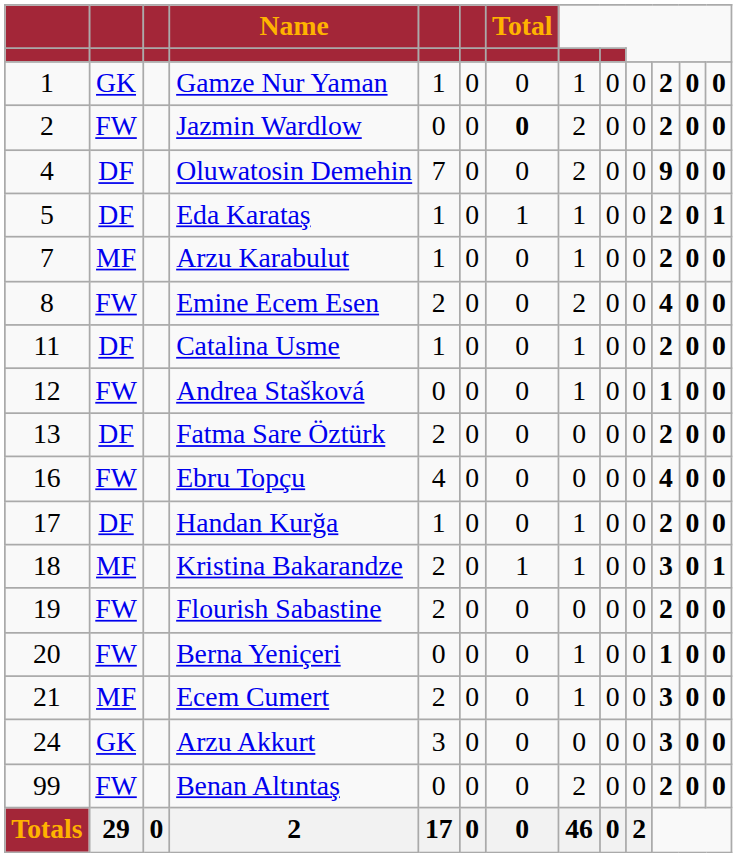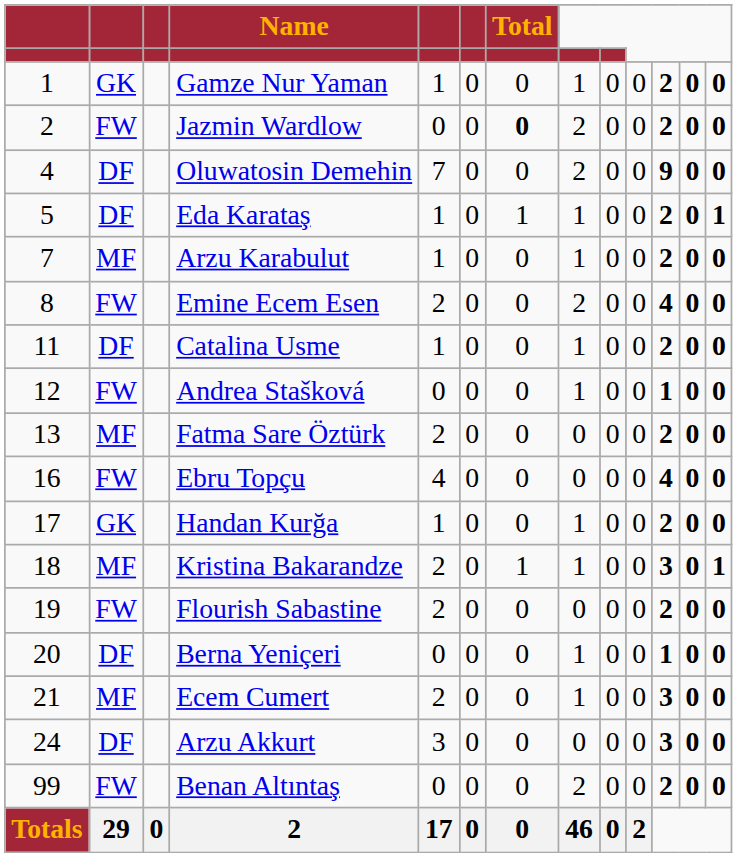 <table class="wikitable" style="text-align:center;">
 <tr>
 <th style="background:#A32638; color:#FFB300; "></th>
 <th style="background:#A32638; color:#FFB300; "></th>
 <th style="background:#A32638; color:#FFB300; "></th>
 <th style="background:#A32638; color:#FFB300; ">Name</th>
 <th style="background:#A32638; color:#FFB300; "></th>
 <th style="background:#A32638; color:#FFB300; "></th>
 <th style="background:#A32638; color:#FFB300; ">Total</th>
 </tr>
 <tr>
 <th style="background:#A32638; color:#FFB300; "></th>
 <th style="background:#A32638; color:#FFB300; "></th>
 <th style="background:#A32638; color:#FFB300; "></th>
 <th style="background:#A32638; color:#FFB300; "></th>
 <th style="background:#A32638; color:#FFB300; "></th>
 <th style="background:#A32638; color:#FFB300; "></th>
 <th style="background:#A32638; color:#FFB300; "></th>
 <th style="background:#A32638; color:#FFB300; "></th>
 <th style="background:#A32638; color:#FFB300; "></th>
 </tr>
 <tr>
 <td>1</td>
 <td><a href='#'>GK</a></td>
 <td></td>
 <td align=left><a href='#'>Gamze Nur Yaman</a></td>
 <td>1</td>
 <td>0</td>
 <td>0</td>
 <td>1</td>
 <td>0</td>
 <td>0</td>
 <td><strong>2</strong></td>
 <td><strong>0</strong></td>
 <td><strong>0</strong></td>
 </tr>
 <tr>
 <td>2</td>
 <td><a href='#'>FW</a></td>
 <td></td>
 <td align=left><a href='#'>Jazmin Wardlow</a></td>
 <td>0</td>
 <td>0</td>
 <td><strong>0</strong></td>
 <td>2</td>
 <td>0</td>
 <td>0</td>
 <td><strong>2</strong></td>
 <td><strong>0</strong></td>
 <td><strong>0</strong></td>
 </tr>
 <tr>
 <td>4</td>
 <td><a href='#'>DF</a></td>
 <td></td>
 <td align=left><a href='#'>Oluwatosin Demehin</a></td>
 <td>7</td>
 <td>0</td>
 <td>0</td>
 <td>2</td>
 <td>0</td>
 <td>0</td>
 <td><strong>9</strong></td>
 <td><strong>0</strong></td>
 <td><strong>0</strong></td>
 </tr>
 <tr>
 <td>5</td>
 <td><a href='#'>DF</a></td>
 <td></td>
 <td align=left><a href='#'>Eda Karataş</a></td>
 <td>1</td>
 <td>0</td>
 <td>1</td>
 <td>1</td>
 <td>0</td>
 <td>0</td>
 <td><strong>2</strong></td>
 <td><strong>0</strong></td>
 <td><strong>1</strong></td>
 </tr>
 <tr>
 <td>7</td>
 <td><a href='#'>MF</a></td>
 <td></td>
 <td align=left><a href='#'>Arzu Karabulut</a></td>
 <td>1</td>
 <td>0</td>
 <td>0</td>
 <td>1</td>
 <td>0</td>
 <td>0</td>
 <td><strong>2</strong></td>
 <td><strong>0</strong></td>
 <td><strong>0</strong></td>
 </tr>
 <tr>
 <td>8</td>
 <td><a href='#'>FW</a></td>
 <td></td>
 <td align=left><a href='#'>Emine Ecem Esen</a></td>
 <td>2</td>
 <td>0</td>
 <td>0</td>
 <td>2</td>
 <td>0</td>
 <td>0</td>
 <td><strong>4</strong></td>
 <td><strong>0</strong></td>
 <td><strong>0</strong></td>
 </tr>
 <tr>
 <td>11</td>
 <td><a href='#'>DF</a></td>
 <td></td>
 <td align=left><a href='#'>Catalina Usme</a></td>
 <td>1</td>
 <td>0</td>
 <td>0</td>
 <td>1</td>
 <td>0</td>
 <td>0</td>
 <td><strong>2</strong></td>
 <td><strong>0</strong></td>
 <td><strong>0</strong></td>
 </tr>
 <tr>
 <td>12</td>
 <td><a href='#'>FW</a></td>
 <td></td>
 <td align=left><a href='#'>Andrea Stašková</a></td>
 <td>0</td>
 <td>0</td>
 <td>0</td>
 <td>1</td>
 <td>0</td>
 <td>0</td>
 <td><strong>1</strong></td>
 <td><strong>0</strong></td>
 <td><strong>0</strong></td>
 </tr>
 <tr>
 <td>13</td>
-<td><a href='#'>DF</a></td>
+<td><a href='#'>MF</a></td>
 <td></td>
 <td align=left><a href='#'>Fatma Sare Öztürk</a></td>
 <td>2</td>
 <td>0</td>
 <td>0</td>
 <td>0</td>
 <td>0</td>
 <td>0</td>
 <td><strong>2</strong></td>
 <td><strong>0</strong></td>
 <td><strong>0</strong></td>
 </tr>
 <tr>
 <td>16</td>
 <td><a href='#'>FW</a></td>
 <td></td>
 <td align=left><a href='#'>Ebru Topçu</a></td>
 <td>4</td>
 <td>0</td>
 <td>0</td>
 <td>0</td>
 <td>0</td>
 <td>0</td>
 <td><strong>4</strong></td>
 <td><strong>0</strong></td>
 <td><strong>0</strong></td>
 </tr>
 <tr>
 <td>17</td>
-<td><a href='#'>DF</a></td>
+<td><a href='#'>GK</a></td>
 <td></td>
 <td align=left><a href='#'>Handan Kurğa</a></td>
 <td>1</td>
 <td>0</td>
 <td>0</td>
 <td>1</td>
 <td>0</td>
 <td>0</td>
 <td><strong>2</strong></td>
 <td><strong>0</strong></td>
 <td><strong>0</strong></td>
 </tr>
 <tr>
 <td>18</td>
 <td><a href='#'>MF</a></td>
 <td></td>
 <td align=left><a href='#'>Kristina Bakarandze</a></td>
 <td>2</td>
 <td>0</td>
 <td>1</td>
 <td>1</td>
 <td>0</td>
 <td>0</td>
 <td><strong>3</strong></td>
 <td><strong>0</strong></td>
 <td><strong>1</strong></td>
 </tr>
 <tr>
 <td>19</td>
 <td><a href='#'>FW</a></td>
 <td></td>
 <td align=left><a href='#'>Flourish Sabastine</a></td>
 <td>2</td>
 <td>0</td>
 <td>0</td>
 <td>0</td>
 <td>0</td>
 <td>0</td>
 <td><strong>2</strong></td>
 <td><strong>0</strong></td>
 <td><strong>0</strong></td>
 </tr>
 <tr>
 <td>20</td>
-<td><a href='#'>FW</a></td>
+<td><a href='#'>DF</a></td>
 <td></td>
 <td align=left><a href='#'>Berna Yeniçeri</a></td>
 <td>0</td>
 <td>0</td>
 <td>0</td>
 <td>1</td>
 <td>0</td>
 <td>0</td>
 <td><strong>1</strong></td>
 <td><strong>0</strong></td>
 <td><strong>0</strong></td>
 </tr>
 <tr>
 <td>21</td>
 <td><a href='#'>MF</a></td>
 <td></td>
 <td align=left><a href='#'>Ecem Cumert</a></td>
 <td>2</td>
 <td>0</td>
 <td>0</td>
 <td>1</td>
 <td>0</td>
 <td>0</td>
 <td><strong>3</strong></td>
 <td><strong>0</strong></td>
 <td><strong>0</strong></td>
 </tr>
 <tr>
 <td>24</td>
-<td><a href='#'>GK</a></td>
+<td><a href='#'>DF</a></td>
 <td></td>
 <td align=left><a href='#'>Arzu Akkurt</a></td>
 <td>3</td>
 <td>0</td>
 <td>0</td>
 <td>0</td>
 <td>0</td>
 <td>0</td>
 <td><strong>3</strong></td>
 <td><strong>0</strong></td>
 <td><strong>0</strong></td>
 </tr>
 <tr>
 <td>99</td>
 <td><a href='#'>FW</a></td>
 <td></td>
 <td align=left><a href='#'>Benan Altıntaş</a></td>
 <td>0</td>
 <td>0</td>
 <td>0</td>
 <td>2</td>
 <td>0</td>
 <td>0</td>
 <td><strong>2</strong></td>
 <td><strong>0</strong></td>
 <td><strong>0</strong></td>
 </tr>
 <tr>
 <td style="background:#A32638; color:#FFB300; "><strong>Totals</strong></td>
 <th><strong>29</strong></th>
 <th><strong>0</strong></th>
 <th><strong>2</strong></th>
 <th><strong>17</strong></th>
 <th><strong>0</strong></th>
 <th><strong>0</strong></th>
 <th><strong>46</strong></th>
 <th><strong>0</strong></th>
 <th><strong>2</strong></th>
 </tr>
 </table>
